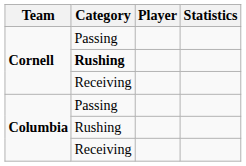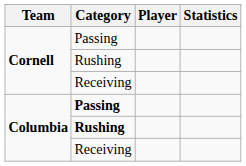 <table class="wikitable" style="float: right;">
 <tr>
 <th>Team</th>
 <th>Category</th>
 <th>Player</th>
 <th>Statistics</th>
 </tr>
 <tr>
 <td rowspan=3><strong>Cornell</strong></td>
 <td>Passing</td>
 <td></td>
 <td></td>
 </tr>
 <tr>
-<td><strong>Rushing</strong></td>
+<td>Rushing</td>
 <td></td>
 <td></td>
 </tr>
 <tr>
 <td>Receiving</td>
 <td></td>
 <td></td>
 </tr>
 <tr>
 <td rowspan=3><strong>Columbia</strong></td>
-<td>Passing</td>
+<td><strong>Passing</strong></td>
 <td></td>
 <td></td>
 </tr>
 <tr>
-<td>Rushing</td>
+<td><strong>Rushing</strong></td>
 <td></td>
 <td></td>
 </tr>
 <tr>
 <td>Receiving</td>
 <td></td>
 <td></td>
 </tr>
 </table>
